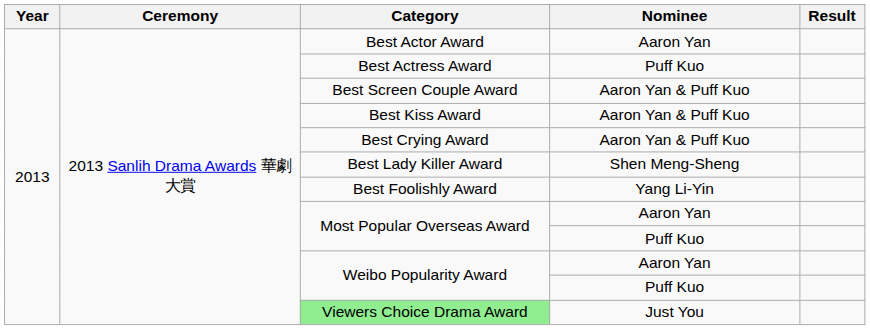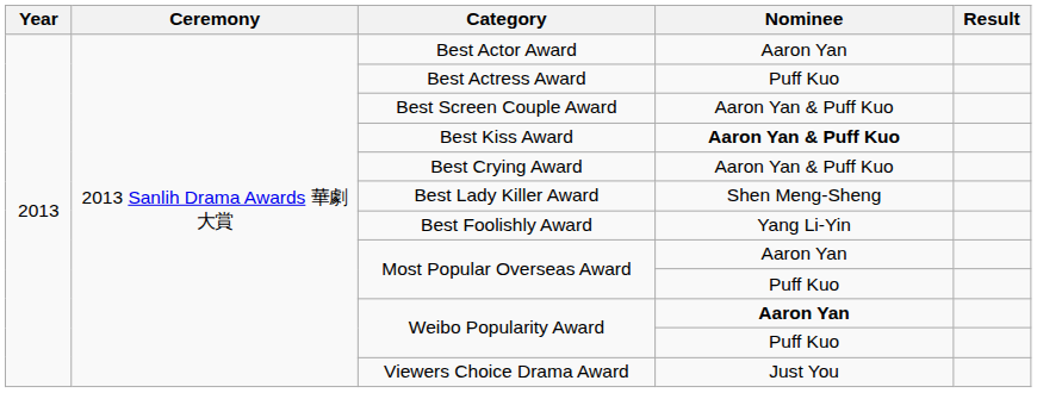 <table class="wikitable">
 <tr>
 <th style="width:50px;">Year</th>
 <th style="width:240px;">Ceremony</th>
 <th style="width:250px;">Category</th>
 <th style="width:250px;">Nominee</th>
 <th style="width:60px;">Result</th>
 </tr>
 <tr>
 <td align="center" rowspan=12>2013</td>
 <td align="center" rowspan=12>2013 <a href='#'>Sanlih Drama Awards</a> 華劇大賞<br></td>
 <td align="center">Best Actor Award</td>
 <td align="center">Aaron Yan</td>
 <td></td>
 </tr>
 <tr>
 <td align="center">Best Actress Award</td>
 <td align="center">Puff Kuo</td>
 <td></td>
 </tr>
 <tr>
 <td align="center">Best Screen Couple Award</td>
 <td align="center">Aaron Yan & Puff Kuo</td>
 <td></td>
 </tr>
 <tr>
 <td align="center">Best Kiss Award</td>
-<td align="center">Aaron Yan & Puff Kuo</td>
+<td align="center"><strong>Aaron Yan & Puff Kuo</strong></td>
 <td></td>
 </tr>
 <tr>
 <td align="center">Best Crying Award</td>
 <td align="center">Aaron Yan & Puff Kuo</td>
 <td></td>
 </tr>
 <tr>
 <td align="center">Best Lady Killer Award</td>
 <td align="center">Shen Meng-Sheng</td>
 <td></td>
 </tr>
 <tr>
 <td align="center">Best Foolishly Award</td>
 <td align="center">Yang Li-Yin</td>
 <td></td>
 </tr>
 <tr>
 <td rowspan=2 align="center">Most Popular Overseas Award</td>
 <td align="center">Aaron Yan</td>
 <td></td>
 </tr>
 <tr>
 <td align="center">Puff Kuo</td>
 <td></td>
 </tr>
 <tr>
 <td rowspan=2 align="center">Weibo Popularity Award</td>
-<td align="center">Aaron Yan</td>
+<td align="center"><strong>Aaron Yan</strong></td>
 <td></td>
 </tr>
 <tr>
 <td align="center">Puff Kuo</td>
 <td></td>
 </tr>
 <tr>
-<td align="center" style="background: lightgreen;">Viewers Choice Drama Award</td>
+<td align="center">Viewers Choice Drama Award</td>
 <td align="center">Just You</td>
 <td></td>
 </tr>
 </table>
